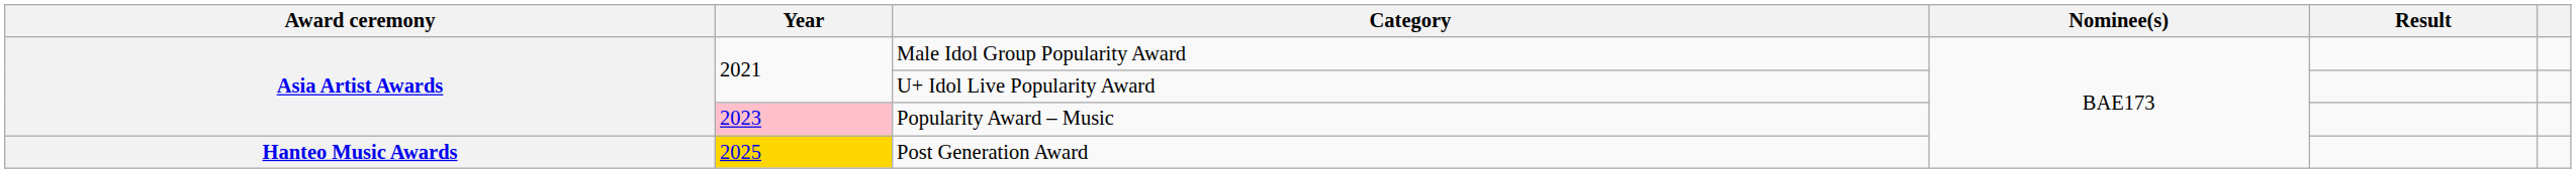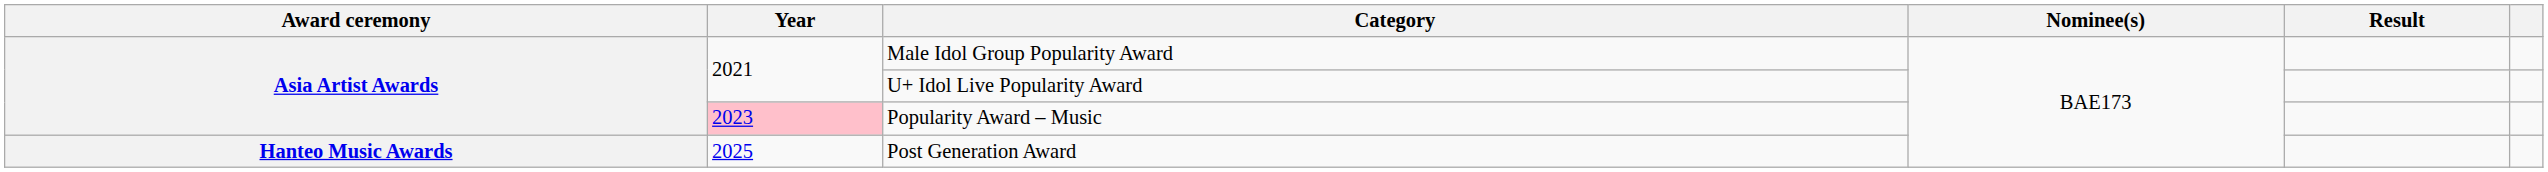 <table class="wikitable sortable plainrowheaders" style="width: 100%;">
 <tr>
 <th scope="col">Award ceremony</th>
 <th scope="col">Year</th>
 <th scope="col">Category</th>
 <th scope="col">Nominee(s)</th>
 <th scope="col">Result</th>
 <th scope="col" class="unsortable"></th>
 </tr>
 <tr>
 <th rowspan="3" scope="row"><a href='#'>Asia Artist Awards</a></th>
 <td rowspan="2">2021</td>
 <td>Male Idol Group Popularity Award</td>
 <td rowspan="4" align="center">BAE173</td>
 <td></td>
 <td align=center></td>
 </tr>
 <tr>
 <td>U+ Idol Live Popularity Award</td>
 <td></td>
 <td align=center></td>
 </tr>
 <tr>
 <td style="background: pink;"><a href='#'>2023</a></td>
 <td>Popularity Award – Music</td>
 <td></td>
 <td align=center></td>
 </tr>
 <tr>
 <th scope="row"><a href='#'>Hanteo Music Awards</a></th>
-<td style="background: gold;"><a href='#'>2025</a></td>
+<td><a href='#'>2025</a></td>
 <td>Post Generation Award</td>
 <td></td>
 <td align=center></td>
 </tr>
 </table>
